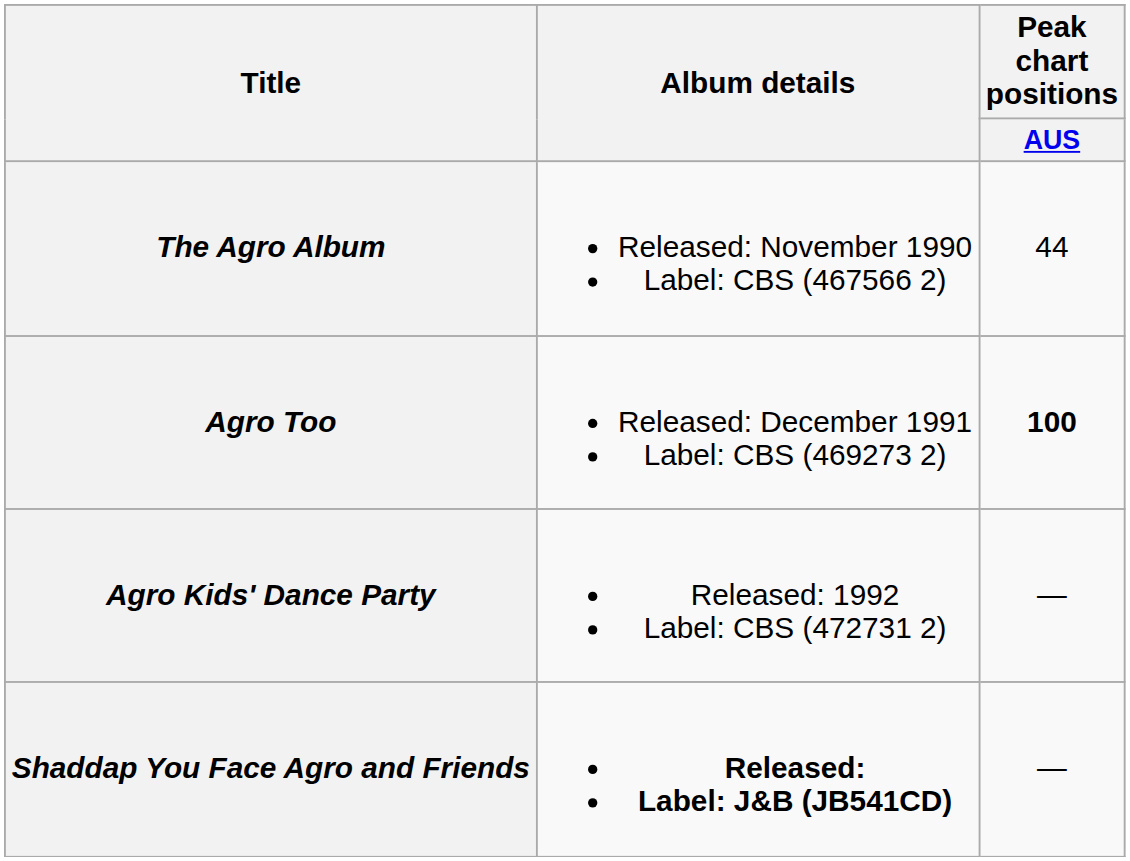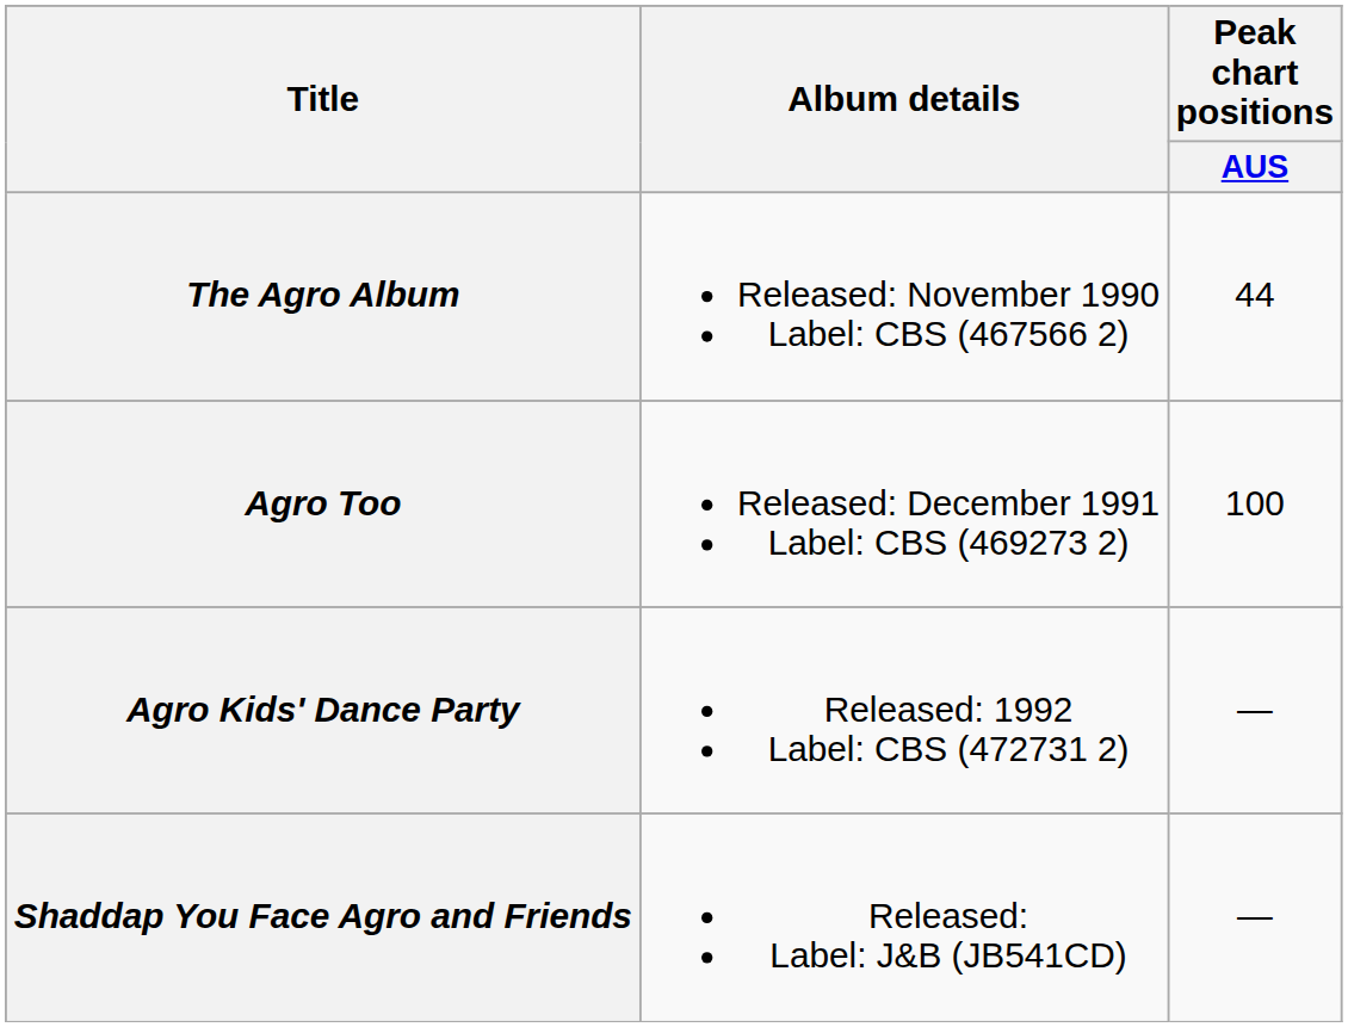 <table class="wikitable plainrowheaders" style="text-align:center">
 <tr>
 <th scope="col" rowspan="2">Title</th>
 <th scope="col" rowspan="2">Album details</th>
 <th scope="col" colspan="1">Peak chart positions</th>
 </tr>
 <tr>
 <th scope="col" style="width:3em; font-size:90%"><a href='#'>AUS</a><br></th>
 </tr>
 <tr>
 <th scope="row"><em>The Agro Album</em></th>
 <td><br><ul><li>Released: November 1990</li><li>Label: CBS (467566 2)</li></ul></td>
 <td>44</td>
 </tr>
 <tr>
 <th scope="row"><em>Agro Too</em></th>
 <td><br><ul><li>Released: December 1991</li><li>Label: CBS (469273 2)</li></ul></td>
-<td><strong>100</strong></td>
+<td>100</td>
 </tr>
 <tr>
 <th scope="row"><em>Agro Kids' Dance Party</em></th>
 <td><br><ul><li>Released: 1992</li><li>Label: CBS (472731 2)</li></ul></td>
 <td>—</td>
 </tr>
 <tr>
 <th scope="row"><em>Shaddap You Face Agro and Friends</em></th>
-<td><strong><br><ul><li>Released:</li><li>Label: J&B (JB541CD)</li></ul></strong></td>
+<td><br><ul><li>Released:</li><li>Label: J&B (JB541CD)</li></ul></td>
 <td>—</td>
 </tr>
 </table>
